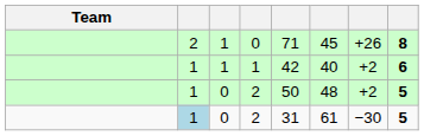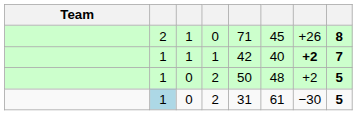 <table class="wikitable" style="text-align:center;">
 <tr>
 <th style="width:10.5em;">Team</th>
 <th style="width:1.5em;"></th>
 <th style="width:1.5em;"></th>
 <th style="width:1.5em;"></th>
 <th style="width:2.0em;"></th>
 <th style="width:2.0em;"></th>
 <th style="width:2.0em;"></th>
 <th style="width:1.5em;"></th>
 </tr>
 <tr bgcolor=#cfc>
 <td align="left"></td>
 <td>2</td>
 <td>1</td>
 <td>0</td>
 <td>71</td>
 <td>45</td>
 <td>+26</td>
 <td><strong>8</strong></td>
 </tr>
 <tr bgcolor=#cfc>
 <td align="left"></td>
 <td>1</td>
 <td>1</td>
 <td>1</td>
 <td>42</td>
 <td>40</td>
-<td>+2</td>
-<td><strong>6</strong></td>
+<td><strong>+2</strong></td>
+<td><strong>7</strong></td>
 </tr>
 <tr bgcolor=#cfc>
 <td align="left"></td>
 <td>1</td>
 <td>0</td>
 <td>2</td>
 <td>50</td>
 <td>48</td>
 <td>+2</td>
 <td><strong>5</strong></td>
 </tr>
 <tr>
 <td align="left"></td>
 <td style="background: lightblue;">1</td>
 <td>0</td>
 <td>2</td>
 <td>31</td>
 <td>61</td>
 <td>−30</td>
 <td><strong>5</strong></td>
 </tr>
 </table>
